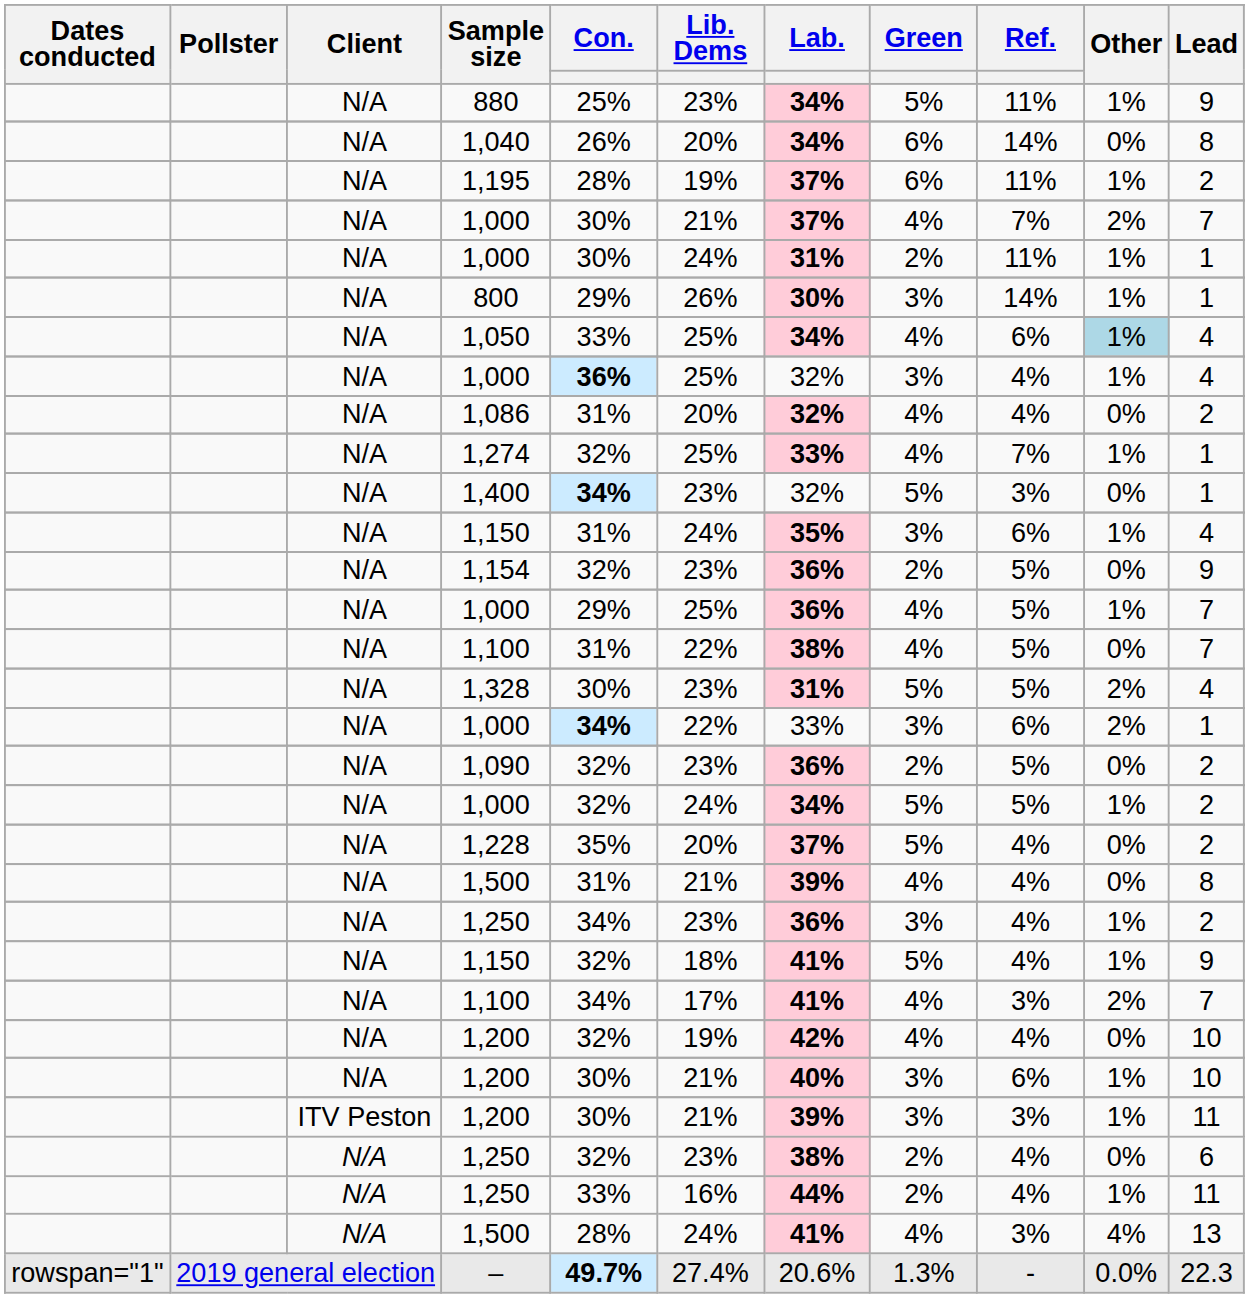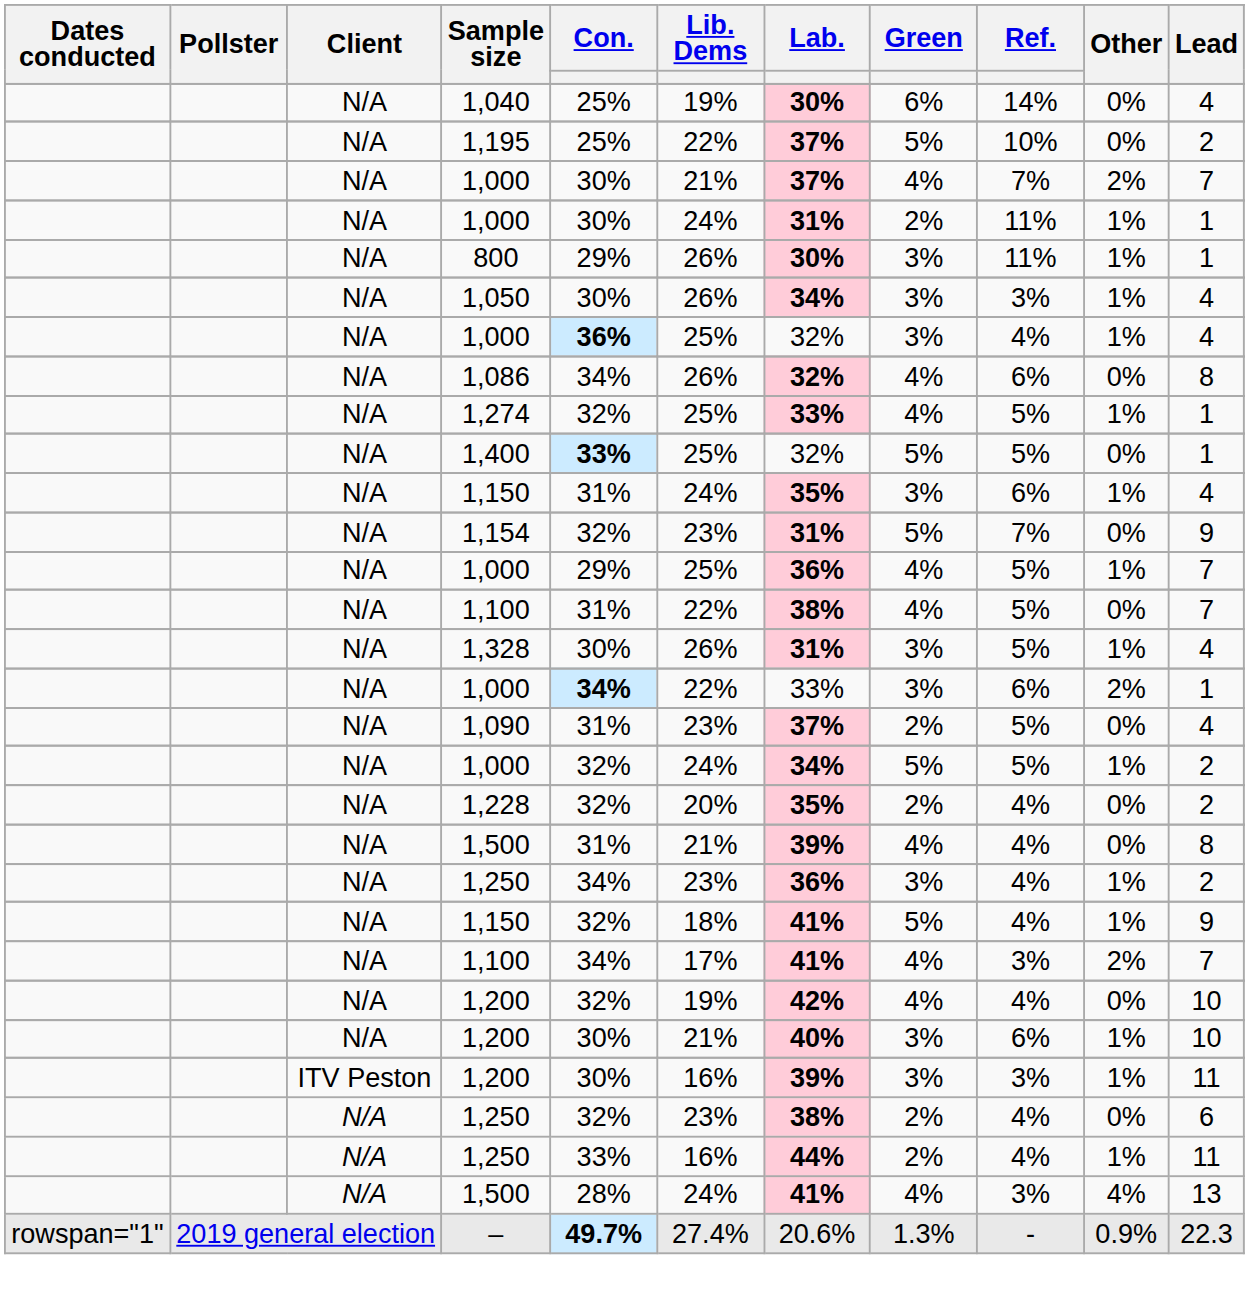 <table class="wikitable sortable mw-datatable" style="text-align:center; font-size:90%; line-height:14px;">
 <tr>
 <th rowspan="2">Dates<br>conducted</th>
 <th rowspan="2">Pollster</th>
 <th rowspan="2">Client</th>
 <th data-sort-type="number" rowspan="2">Sample<br>size</th>
 <th class="unsortable" style="width:50px;"><a href='#'>Con.</a></th>
 <th class="unsortable" style="width:50px;"><a href='#'>Lib. Dems</a></th>
 <th class="unsortable" style="width:50px;"><a href='#'>Lab.</a></th>
 <th class="unsortable" style="width:50px;"><a href='#'>Green</a></th>
 <th class="unsortable" style="width:50px;"><a href='#'>Ref.</a></th>
 <th class="unsortable" rowspan="2">Other</th>
 <th data-sort-type="number" rowspan="2">Lead</th>
 </tr>
 <tr>
 <th data-sort-type="number" style="background:"></th>
 <th data-sort-type="number" style="background:"></th>
 <th data-sort-type="number" style="background:"></th>
 <th data-sort-type="number" style="background:"></th>
 <th data-sort-type="number" style="background:"></th>
 </tr>
 <tr>
-<td></td>
-<td></td>
-<td>N/A</td>
-<td>880</td>
-<td>25%</td>
-<td>23%</td>
-<td style="background:#FFCCD9"><strong>34%</strong></td>
-<td>5%</td>
-<td>11%</td>
-<td>1%</td>
-<td style="background:">9</td>
-</tr>
-<tr>
 </tr>
 <tr>
 </tr>
 <tr>
 <td></td>
 <td></td>
 <td>N/A</td>
 <td>1,040</td>
-<td>26%</td>
-<td>20%</td>
-<td style="background:#FFCCD9"><strong>34%</strong></td>
+<td>25%</td>
+<td>19%</td>
+<td style="background:#FFCCD9"><strong>30%</strong></td>
 <td>6%</td>
 <td>14%</td>
 <td>0%</td>
-<td style="background:">8</td>
+<td style="background:">4</td>
 </tr>
 <tr>
 </tr>
 <tr>
 </tr>
 <tr>
 <td></td>
 <td></td>
 <td>N/A</td>
 <td>1,195</td>
-<td>28%</td>
-<td>19%</td>
+<td>25%</td>
+<td>22%</td>
 <td style="background:#FFCCD9"><strong>37%</strong></td>
-<td>6%</td>
-<td>11%</td>
-<td>1%</td>
+<td>5%</td>
+<td>10%</td>
+<td>0%</td>
 <td style="background:">2</td>
 </tr>
 <tr>
 </tr>
 <tr>
 </tr>
 <tr>
 <td></td>
 <td></td>
 <td>N/A</td>
 <td>1,000</td>
 <td>30%</td>
 <td>21%</td>
 <td style="background:#FFCCD9"><strong>37%</strong></td>
 <td>4%</td>
 <td>7%</td>
 <td>2%</td>
 <td style="background:">7</td>
 </tr>
 <tr>
 </tr>
 <tr>
 </tr>
 <tr>
 <td></td>
 <td></td>
 <td>N/A</td>
 <td>1,000</td>
 <td>30%</td>
 <td>24%</td>
 <td style="background:#FFCCD9"><strong>31%</strong></td>
 <td>2%</td>
 <td>11%</td>
 <td>1%</td>
 <td style="background:">1</td>
 </tr>
 <tr>
 </tr>
 <tr>
 <td></td>
 <td></td>
 <td>N/A</td>
 <td>800</td>
 <td>29%</td>
 <td>26%</td>
 <td style="background:#FFCCD9"><strong>30%</strong></td>
 <td>3%</td>
-<td>14%</td>
+<td>11%</td>
 <td>1%</td>
 <td style="background:">1</td>
 </tr>
 <tr>
 </tr>
 <tr>
 <td></td>
 <td></td>
 <td>N/A</td>
 <td>1,050</td>
-<td>33%</td>
-<td>25%</td>
+<td>30%</td>
+<td>26%</td>
 <td style="background:#FFCCD9"><strong>34%</strong></td>
-<td>4%</td>
-<td>6%</td>
-<td style="background: lightblue;">1%</td>
+<td>3%</td>
+<td>3%</td>
+<td>1%</td>
 <td style="background:">4</td>
 </tr>
 <tr>
 </tr>
 <tr>
 <td></td>
 <td></td>
 <td>N/A</td>
 <td>1,000</td>
 <td style="background:#CCEBFF"><strong>36%</strong></td>
 <td>25%</td>
 <td>32%</td>
 <td>3%</td>
 <td>4%</td>
 <td>1%</td>
 <td style="background:">4</td>
 </tr>
 <tr>
 </tr>
 <tr>
 <td></td>
 <td></td>
 <td>N/A</td>
 <td>1,086</td>
-<td>31%</td>
-<td>20%</td>
+<td>34%</td>
+<td>26%</td>
 <td style="background:#FFCCD9"><strong>32%</strong></td>
 <td>4%</td>
-<td>4%</td>
+<td>6%</td>
 <td>0%</td>
-<td style="background:">2</td>
+<td style="background:">8</td>
 </tr>
 <tr>
 </tr>
 <tr>
 <td></td>
 <td></td>
 <td>N/A</td>
 <td>1,274</td>
 <td>32%</td>
 <td>25%</td>
 <td style="background:#FFCCD9"><strong>33%</strong></td>
 <td>4%</td>
-<td>7%</td>
+<td>5%</td>
 <td>1%</td>
 <td style="background:">1</td>
 </tr>
 <tr>
 </tr>
 <tr>
 <td></td>
 <td></td>
 <td>N/A</td>
 <td>1,400</td>
-<td style="background:#CCEBFF"><strong>34%</strong></td>
-<td>23%</td>
+<td style="background:#CCEBFF"><strong>33%</strong></td>
+<td>25%</td>
 <td>32%</td>
 <td>5%</td>
-<td>3%</td>
+<td>5%</td>
 <td>0%</td>
 <td style="background:">1</td>
 </tr>
 <tr>
 </tr>
 <tr>
 <td></td>
 <td></td>
 <td>N/A</td>
 <td>1,150</td>
 <td>31%</td>
 <td>24%</td>
 <td style="background:#FFCCD9"><strong>35%</strong></td>
 <td>3%</td>
 <td>6%</td>
 <td>1%</td>
 <td style="background:">4</td>
 </tr>
 <tr>
 </tr>
 <tr>
 <td></td>
 <td></td>
 <td>N/A</td>
 <td>1,154</td>
 <td>32%</td>
 <td>23%</td>
-<td style="background:#FFCCD9"><strong>36%</strong></td>
-<td>2%</td>
+<td style="background:#FFCCD9"><strong>31%</strong></td>
 <td>5%</td>
+<td>7%</td>
 <td>0%</td>
 <td style="background:">9</td>
 </tr>
 <tr>
 </tr>
 <tr>
 <td></td>
 <td></td>
 <td>N/A</td>
 <td>1,000</td>
 <td>29%</td>
 <td>25%</td>
 <td style="background:#FFCCD9"><strong>36%</strong></td>
 <td>4%</td>
 <td>5%</td>
 <td>1%</td>
 <td style="background:">7</td>
 </tr>
 <tr>
 </tr>
 <tr>
 <td></td>
 <td></td>
 <td>N/A</td>
 <td>1,100</td>
 <td>31%</td>
 <td>22%</td>
 <td style="background:#FFCCD9"><strong>38%</strong></td>
 <td>4%</td>
 <td>5%</td>
 <td>0%</td>
 <td style="background:">7</td>
 </tr>
 <tr>
 </tr>
 <tr>
 <td></td>
 <td></td>
 <td>N/A</td>
 <td>1,328</td>
 <td>30%</td>
-<td>23%</td>
+<td>26%</td>
 <td style="background:#FFCCD9"><strong>31%</strong></td>
+<td>3%</td>
 <td>5%</td>
-<td>5%</td>
-<td>2%</td>
+<td>1%</td>
 <td style="background:">4</td>
 </tr>
 <tr>
 </tr>
 <tr>
 <td></td>
 <td></td>
 <td>N/A</td>
 <td>1,000</td>
 <td style="background:#CCEBFF"><strong>34%</strong></td>
 <td>22%</td>
 <td>33%</td>
 <td>3%</td>
 <td>6%</td>
 <td>2%</td>
 <td style="background:">1</td>
 </tr>
 <tr>
 </tr>
 <tr>
 <td></td>
 <td></td>
 <td>N/A</td>
 <td>1,090</td>
-<td>32%</td>
+<td>31%</td>
 <td>23%</td>
-<td style="background:#FFCCD9"><strong>36%</strong></td>
+<td style="background:#FFCCD9"><strong>37%</strong></td>
 <td>2%</td>
 <td>5%</td>
 <td>0%</td>
-<td style="background:">2</td>
+<td style="background:">4</td>
 </tr>
 <tr>
 </tr>
 <tr>
 <td></td>
 <td></td>
 <td>N/A</td>
 <td>1,000</td>
 <td>32%</td>
 <td>24%</td>
 <td style="background:#FFCCD9"><strong>34%</strong></td>
 <td>5%</td>
 <td>5%</td>
 <td>1%</td>
 <td style="background:">2</td>
 </tr>
 <tr>
 </tr>
 <tr>
 <td></td>
 <td></td>
 <td>N/A</td>
 <td>1,228</td>
-<td>35%</td>
+<td>32%</td>
 <td>20%</td>
-<td style="background:#FFCCD9"><strong>37%</strong></td>
-<td>5%</td>
+<td style="background:#FFCCD9"><strong>35%</strong></td>
+<td>2%</td>
 <td>4%</td>
 <td>0%</td>
 <td style="background:">2</td>
 </tr>
 <tr>
 </tr>
 <tr>
 <td></td>
 <td></td>
 <td>N/A</td>
 <td>1,500</td>
 <td>31%</td>
 <td>21%</td>
 <td style="background:#FFCCD9"><strong>39%</strong></td>
 <td>4%</td>
 <td>4%</td>
 <td>0%</td>
 <td style="background:">8</td>
 </tr>
 <tr>
 </tr>
 <tr>
 <td></td>
 <td></td>
 <td>N/A</td>
 <td>1,250</td>
 <td>34%</td>
 <td>23%</td>
 <td style="background:#FFCCD9"><strong>36%</strong></td>
 <td>3%</td>
 <td>4%</td>
 <td>1%</td>
 <td style="background:">2</td>
 </tr>
 <tr>
 </tr>
 <tr>
 <td></td>
 <td></td>
 <td>N/A</td>
 <td>1,150</td>
 <td>32%</td>
 <td>18%</td>
 <td style="background:#FFCCD9"><strong>41%</strong></td>
 <td>5%</td>
 <td>4%</td>
 <td>1%</td>
 <td style="background:">9</td>
 </tr>
 <tr>
 </tr>
 <tr>
 <td></td>
 <td></td>
 <td>N/A</td>
 <td>1,100</td>
 <td>34%</td>
 <td>17%</td>
 <td style="background:#FFCCD9"><strong>41%</strong></td>
 <td>4%</td>
 <td>3%</td>
 <td>2%</td>
 <td style="background:">7</td>
 </tr>
 <tr>
 </tr>
 <tr>
 <td></td>
 <td></td>
 <td>N/A</td>
 <td>1,200</td>
 <td>32%</td>
 <td>19%</td>
 <td style="background:#FFCCD9"><strong>42%</strong></td>
 <td>4%</td>
 <td>4%</td>
 <td>0%</td>
 <td style="background:">10</td>
 </tr>
 <tr>
 </tr>
 <tr>
 <td></td>
 <td></td>
 <td>N/A</td>
 <td>1,200</td>
 <td>30%</td>
 <td>21%</td>
 <td style="background:#FFCCD9"><strong>40%</strong></td>
 <td>3%</td>
 <td>6%</td>
 <td>1%</td>
 <td style="background:">10</td>
 </tr>
 <tr>
 </tr>
 <tr>
 <td></td>
 <td></td>
 <td>ITV Peston</td>
 <td>1,200</td>
 <td>30%</td>
-<td>21%</td>
+<td>16%</td>
 <td style="background:#FFCCD9"><strong>39%</strong></td>
 <td>3%</td>
 <td>3%</td>
 <td>1%</td>
 <td style="background:">11</td>
 </tr>
 <tr>
 <td></td>
 <td></td>
 <td><em>N/A</em></td>
 <td>1,250</td>
 <td>32%</td>
 <td>23%</td>
 <td style="background:#FFCCD9"><strong>38%</strong></td>
 <td>2%</td>
 <td>4%</td>
 <td>0%</td>
 <td style="background:">6</td>
 </tr>
 <tr>
 <td></td>
 <td></td>
 <td><em>N/A</em></td>
 <td>1,250</td>
 <td>33%</td>
 <td>16%</td>
 <td style="background:#FFCCD9"><strong>44%</strong></td>
 <td>2%</td>
 <td>4%</td>
 <td>1%</td>
 <td style="background:">11</td>
 </tr>
 <tr>
 <td></td>
 <td></td>
 <td><em>N/A</em></td>
 <td>1,500</td>
 <td>28%</td>
 <td>24%</td>
 <td style="background:#FFCCD9"><strong>41%</strong></td>
 <td>4%</td>
 <td>3%</td>
 <td>4%</td>
 <td style="background:">13</td>
 </tr>
 <tr style="background:#e9e9e9;">
 <td>rowspan="1" </td>
 <td colspan="2"><a href='#'>2019 general election</a></td>
 <td>–</td>
 <td style="background:#CCEBFF;"><strong>49.7%</strong></td>
 <td>27.4%</td>
 <td>20.6%</td>
 <td>1.3%</td>
 <td>-</td>
-<td>0.0%</td>
+<td>0.9%</td>
 <td style="background:">22.3</td>
 </tr>
 </table>
